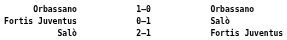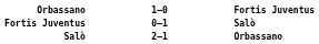 <table width="100%" cellspacing="1">
 <tr>
 <th width="20%"></th>
 <th width="12%"></th>
 <th width="20%"></th>
 <th></th>
 </tr>
 <tr style="font-size:90%;">
 <td align="right"><strong>Orbassano</strong></td>
 <td align="center"><strong>1–0</strong></td>
-<td align="left"><strong>Orbassano</strong></td>
+<td align="left"><strong>Fortis Juventus</strong></td>
 </tr>
 <tr style="font-size:90%;">
 <td align="right"><strong>Fortis Juventus</strong></td>
 <td align="center"><strong>0–1</strong></td>
 <td align="left"><strong>Salò</strong></td>
 </tr>
 <tr style="font-size:90%;">
 <td align="right"><strong>Salò</strong></td>
 <td align="center"><strong>2–1</strong></td>
-<td align="left"><strong>Fortis Juventus</strong></td>
+<td align="left"><strong>Orbassano</strong></td>
 </tr>
 </table>
